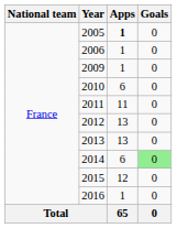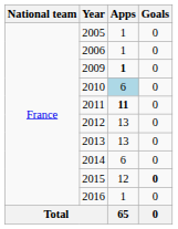 <table class="wikitable" style="text-align: center;">
 <tr>
 <th>National team</th>
 <th>Year</th>
 <th>Apps</th>
 <th>Goals</th>
 </tr>
 <tr>
 <td rowspan="10" valign="center"><a href='#'>France</a></td>
 <td>2005</td>
-<td><strong>1</strong></td>
+<td>1</td>
 <td>0</td>
 </tr>
 <tr>
 <td>2006</td>
 <td>1</td>
 <td>0</td>
 </tr>
 <tr>
 <td>2009</td>
-<td>1</td>
+<td><strong>1</strong></td>
 <td>0</td>
 </tr>
 <tr>
 <td>2010</td>
-<td>6</td>
+<td style="background: lightblue;">6</td>
 <td>0</td>
 </tr>
 <tr>
 <td>2011</td>
-<td>11</td>
+<td><strong>11</strong></td>
 <td>0</td>
 </tr>
 <tr>
 <td>2012</td>
 <td>13</td>
 <td>0</td>
 </tr>
 <tr>
 <td>2013</td>
 <td>13</td>
 <td>0</td>
 </tr>
 <tr>
 <td>2014</td>
 <td>6</td>
-<td style="background: lightgreen;">0</td>
+<td>0</td>
 </tr>
 <tr>
 <td>2015</td>
 <td>12</td>
-<td>0</td>
+<td><strong>0</strong></td>
 </tr>
 <tr>
 <td>2016</td>
 <td>1</td>
 <td>0</td>
 </tr>
 <tr>
 <th colspan="2">Total</th>
 <th>65</th>
 <th>0</th>
 </tr>
 </table>
